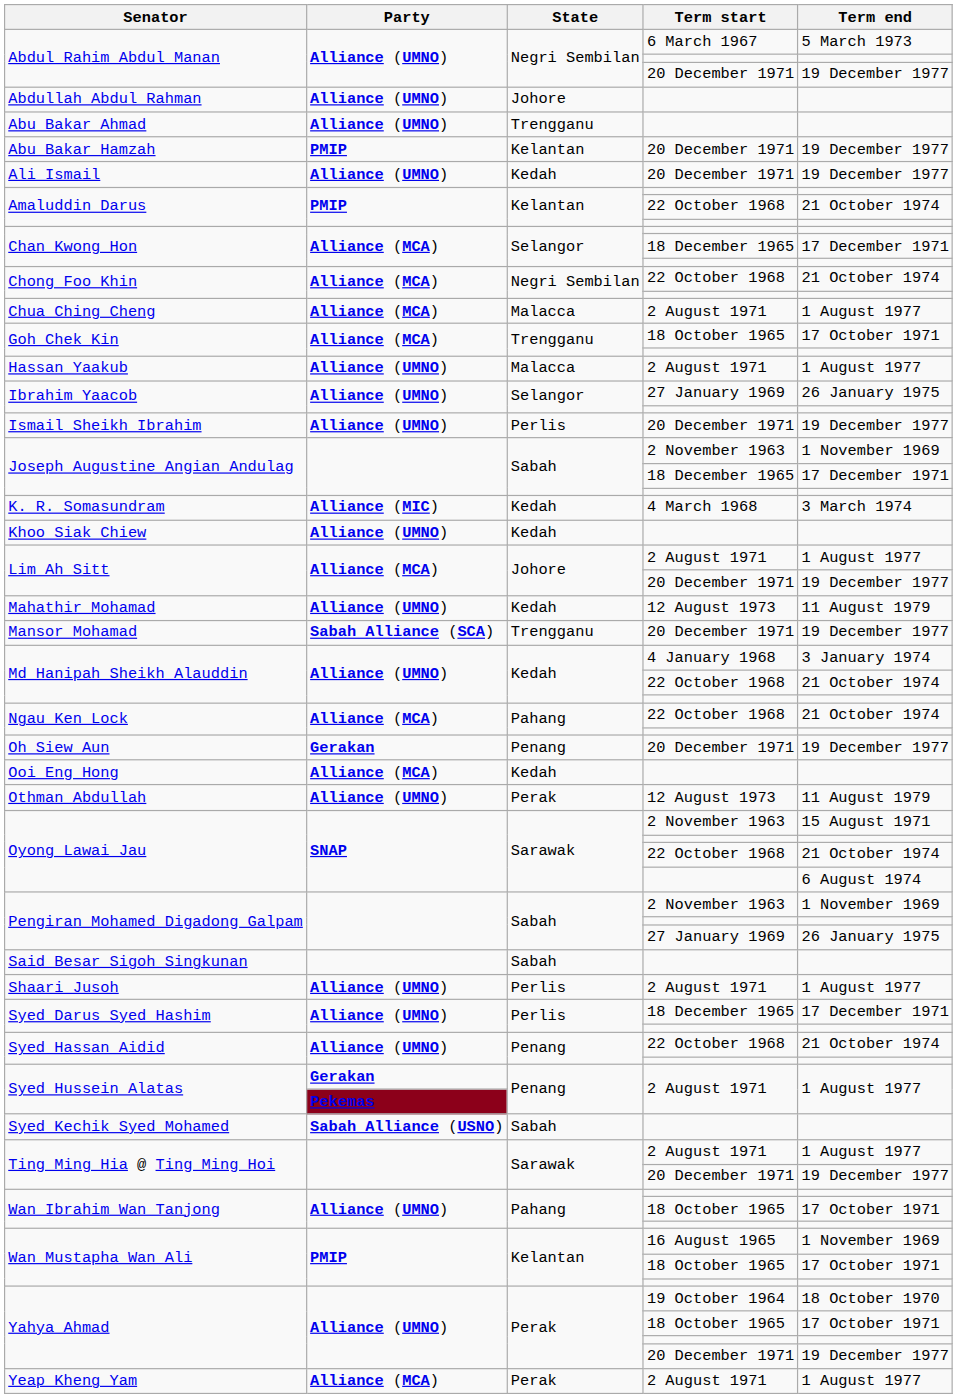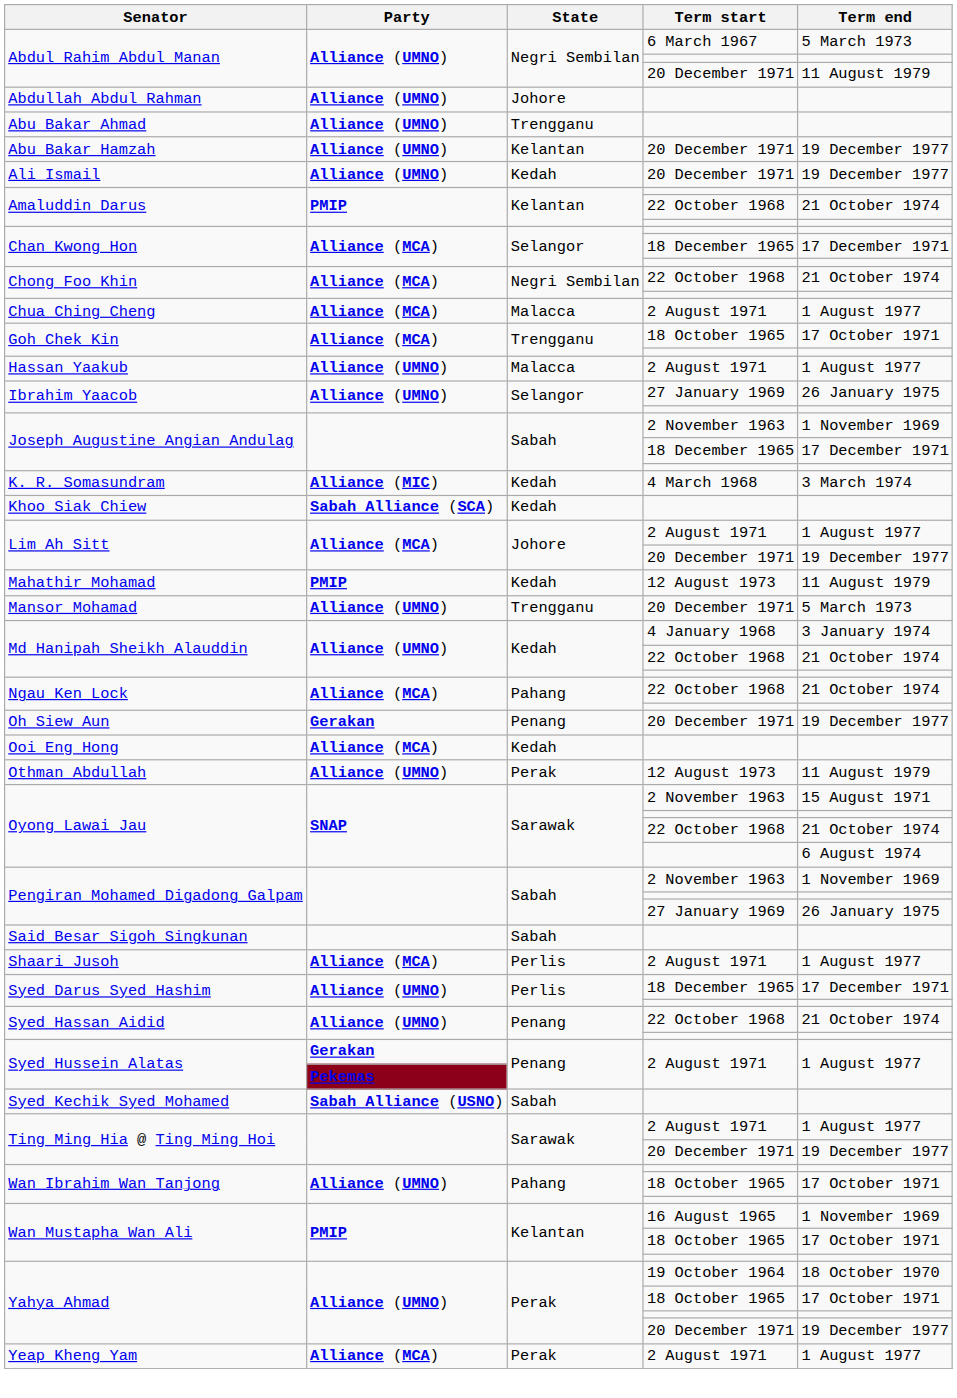 <table class="wikitable sortable">
 <tr>
 <th>Senator</th>
 <th>Party</th>
 <th>State</th>
 <th>Term start</th>
 <th>Term end</th>
 </tr>
 <tr>
 <td rowspan=3><a href='#'>Abdul Rahim Abdul Manan</a></td>
 <td rowspan=3><strong><a href='#'>Alliance</a></strong> (<strong><a href='#'>UMNO</a></strong>)</td>
 <td rowspan=3>Negri Sembilan</td>
 <td>6 March 1967</td>
 <td>5 March 1973</td>
 </tr>
 <tr>
 <td></td>
 <td></td>
 </tr>
 <tr>
 <td>20 December 1971</td>
-<td>19 December 1977</td>
+<td>11 August 1979</td>
 </tr>
 <tr>
 <td><a href='#'>Abdullah Abdul Rahman</a></td>
 <td><strong><a href='#'>Alliance</a></strong> (<strong><a href='#'>UMNO</a></strong>)</td>
 <td>Johore</td>
 <td></td>
 <td></td>
 </tr>
 <tr>
 <td><a href='#'>Abu Bakar Ahmad</a></td>
 <td><strong><a href='#'>Alliance</a></strong> (<strong><a href='#'>UMNO</a></strong>)</td>
 <td>Trengganu</td>
 <td></td>
 <td></td>
 </tr>
 <tr>
 <td><a href='#'>Abu Bakar Hamzah</a></td>
-<td><strong><a href='#'>PMIP</a></strong></td>
+<td><strong><a href='#'>Alliance</a></strong> (<strong><a href='#'>UMNO</a></strong>)</td>
 <td>Kelantan</td>
 <td>20 December 1971</td>
 <td>19 December 1977</td>
 </tr>
 <tr>
 <td><a href='#'>Ali Ismail</a></td>
 <td><strong><a href='#'>Alliance</a></strong> (<strong><a href='#'>UMNO</a></strong>)</td>
 <td>Kedah</td>
 <td>20 December 1971</td>
 <td>19 December 1977</td>
 </tr>
 <tr>
 <td rowspan=3><a href='#'>Amaluddin Darus</a></td>
 <td rowspan=3><strong><a href='#'>PMIP</a></strong></td>
 <td rowspan=3>Kelantan</td>
 <td></td>
 <td></td>
 </tr>
 <tr>
 <td>22 October 1968</td>
 <td>21 October 1974</td>
 </tr>
 <tr>
 <td></td>
 <td></td>
 </tr>
 <tr>
 <td rowspan=3><a href='#'>Chan Kwong Hon</a></td>
 <td rowspan=3><strong><a href='#'>Alliance</a></strong> (<strong><a href='#'>MCA</a></strong>)</td>
 <td rowspan=3>Selangor</td>
 <td></td>
 <td></td>
 </tr>
 <tr>
 <td>18 December 1965</td>
 <td>17 December 1971</td>
 </tr>
 <tr>
 <td></td>
 <td></td>
 </tr>
 <tr>
 <td rowspan=2><a href='#'>Chong Foo Khin</a></td>
 <td rowspan=2><strong><a href='#'>Alliance</a></strong> (<strong><a href='#'>MCA</a></strong>)</td>
 <td rowspan=2>Negri Sembilan</td>
 <td>22 October 1968</td>
 <td>21 October 1974</td>
 </tr>
 <tr>
 <td></td>
 <td></td>
 </tr>
 <tr>
 <td><a href='#'>Chua Ching Cheng</a></td>
 <td><strong><a href='#'>Alliance</a></strong> (<strong><a href='#'>MCA</a></strong>)</td>
 <td>Malacca</td>
 <td>2 August 1971</td>
 <td>1 August 1977</td>
 </tr>
 <tr>
 <td rowspan=2><a href='#'>Goh Chek Kin</a></td>
 <td rowspan=2><strong><a href='#'>Alliance</a></strong> (<strong><a href='#'>MCA</a></strong>)</td>
 <td rowspan=2>Trengganu</td>
 <td>18 October 1965</td>
 <td>17 October 1971</td>
 </tr>
 <tr>
 <td></td>
 <td></td>
 </tr>
 <tr>
 <td><a href='#'>Hassan Yaakub</a></td>
 <td><strong><a href='#'>Alliance</a></strong> (<strong><a href='#'>UMNO</a></strong>)</td>
 <td>Malacca</td>
 <td>2 August 1971</td>
 <td>1 August 1977</td>
 </tr>
 <tr>
 <td rowspan=2><a href='#'>Ibrahim Yaacob</a></td>
 <td rowspan=2><strong><a href='#'>Alliance</a></strong> (<strong><a href='#'>UMNO</a></strong>)</td>
 <td rowspan=2>Selangor</td>
 <td>27 January 1969</td>
 <td>26 January 1975</td>
 </tr>
 <tr>
 <td></td>
 <td></td>
 </tr>
 <tr>
-<td><a href='#'>Ismail Sheikh Ibrahim</a></td>
-<td><strong><a href='#'>Alliance</a></strong> (<strong><a href='#'>UMNO</a></strong>)</td>
-<td>Perlis</td>
-<td>20 December 1971</td>
-<td>19 December 1977</td>
-</tr>
-<tr>
 <td rowspan=3><a href='#'>Joseph Augustine Angian Andulag</a></td>
 <td rowspan=3></td>
 <td rowspan=3>Sabah</td>
 <td>2 November 1963</td>
 <td>1 November 1969</td>
 </tr>
 <tr>
 <td>18 December 1965</td>
 <td>17 December 1971</td>
 </tr>
 <tr>
 <td></td>
 <td></td>
 </tr>
 <tr>
 <td><a href='#'>K. R. Somasundram</a></td>
 <td><strong><a href='#'>Alliance</a></strong> (<strong><a href='#'>MIC</a></strong>)</td>
 <td>Kedah</td>
 <td>4 March 1968</td>
 <td>3 March 1974</td>
 </tr>
 <tr>
 <td><a href='#'>Khoo Siak Chiew</a></td>
-<td><strong><a href='#'>Alliance</a></strong> (<strong><a href='#'>UMNO</a></strong>)</td>
+<td><strong><a href='#'>Sabah Alliance</a></strong> (<strong><a href='#'>SCA</a></strong>)</td>
 <td>Kedah</td>
 <td></td>
 <td></td>
 </tr>
 <tr>
 <td rowspan=2><a href='#'>Lim Ah Sitt</a></td>
 <td rowspan=2><strong><a href='#'>Alliance</a></strong> (<strong><a href='#'>MCA</a></strong>)</td>
 <td rowspan=2>Johore</td>
 <td>2 August 1971</td>
 <td>1 August 1977</td>
 </tr>
 <tr>
 <td>20 December 1971</td>
 <td>19 December 1977</td>
 </tr>
 <tr>
 <td><a href='#'>Mahathir Mohamad</a></td>
-<td><strong><a href='#'>Alliance</a></strong> (<strong><a href='#'>UMNO</a></strong>)</td>
+<td><strong><a href='#'>PMIP</a></strong></td>
 <td>Kedah</td>
 <td>12 August 1973</td>
 <td>11 August 1979</td>
 </tr>
 <tr>
 <td><a href='#'>Mansor Mohamad</a></td>
-<td><strong><a href='#'>Sabah Alliance</a></strong> (<strong><a href='#'>SCA</a></strong>)</td>
+<td><strong><a href='#'>Alliance</a></strong> (<strong><a href='#'>UMNO</a></strong>)</td>
 <td>Trengganu</td>
 <td>20 December 1971</td>
-<td>19 December 1977</td>
+<td>5 March 1973</td>
 </tr>
 <tr>
 <td rowspan=3><a href='#'>Md Hanipah Sheikh Alauddin</a></td>
 <td rowspan=3><strong><a href='#'>Alliance</a></strong> (<strong><a href='#'>UMNO</a></strong>)</td>
 <td rowspan=3>Kedah</td>
 <td>4 January 1968</td>
 <td>3 January 1974</td>
 </tr>
 <tr>
 <td>22 October 1968</td>
 <td>21 October 1974</td>
 </tr>
 <tr>
 <td></td>
 <td></td>
 </tr>
 <tr>
 <td rowspan=2><a href='#'>Ngau Ken Lock</a></td>
 <td rowspan=2><strong><a href='#'>Alliance</a></strong> (<strong><a href='#'>MCA</a></strong>)</td>
 <td rowspan=2>Pahang</td>
 <td>22 October 1968</td>
 <td>21 October 1974</td>
 </tr>
 <tr>
 <td></td>
 <td></td>
 </tr>
 <tr>
 <td><a href='#'>Oh Siew Aun</a></td>
 <td><strong><a href='#'>Gerakan</a></strong></td>
 <td>Penang</td>
 <td>20 December 1971</td>
 <td>19 December 1977</td>
 </tr>
 <tr>
 <td><a href='#'>Ooi Eng Hong</a></td>
 <td><strong><a href='#'>Alliance</a></strong> (<strong><a href='#'>MCA</a></strong>)</td>
 <td>Kedah</td>
 <td></td>
 <td></td>
 </tr>
 <tr>
 <td><a href='#'>Othman Abdullah</a></td>
 <td><strong><a href='#'>Alliance</a></strong> (<strong><a href='#'>UMNO</a></strong>)</td>
 <td>Perak</td>
 <td>12 August 1973</td>
 <td>11 August 1979</td>
 </tr>
 <tr>
 <td rowspan=4><a href='#'>Oyong Lawai Jau</a></td>
 <td rowspan=4><strong><a href='#'>SNAP</a></strong></td>
 <td rowspan=4>Sarawak</td>
 <td>2 November 1963</td>
 <td>15 August 1971</td>
 </tr>
 <tr>
 <td></td>
 <td></td>
 </tr>
 <tr>
 <td>22 October 1968</td>
 <td>21 October 1974</td>
 </tr>
 <tr>
 <td></td>
 <td>6 August 1974</td>
 </tr>
 <tr>
 <td rowspan=3><a href='#'>Pengiran Mohamed Digadong Galpam</a></td>
 <td rowspan=3></td>
 <td rowspan=3>Sabah</td>
 <td>2 November 1963</td>
 <td>1 November 1969</td>
 </tr>
 <tr>
 <td></td>
 <td></td>
 </tr>
 <tr>
 <td>27 January 1969</td>
 <td>26 January 1975</td>
 </tr>
 <tr>
 <td><a href='#'>Said Besar Sigoh Singkunan</a></td>
 <td></td>
 <td>Sabah</td>
 <td></td>
 <td></td>
 </tr>
 <tr>
 <td><a href='#'>Shaari Jusoh</a></td>
-<td><strong><a href='#'>Alliance</a></strong> (<strong><a href='#'>UMNO</a></strong>)</td>
+<td><strong><a href='#'>Alliance</a></strong> (<strong><a href='#'>MCA</a></strong>)</td>
 <td>Perlis</td>
 <td>2 August 1971</td>
 <td>1 August 1977</td>
 </tr>
 <tr>
 <td rowspan=2><a href='#'>Syed Darus Syed Hashim</a></td>
 <td rowspan=2><strong><a href='#'>Alliance</a></strong> (<strong><a href='#'>UMNO</a></strong>)</td>
 <td rowspan=2>Perlis</td>
 <td>18 December 1965</td>
 <td>17 December 1971</td>
 </tr>
 <tr>
 <td></td>
 <td></td>
 </tr>
 <tr>
 <td rowspan=2><a href='#'>Syed Hassan Aidid</a></td>
 <td rowspan=2><strong><a href='#'>Alliance</a></strong> (<strong><a href='#'>UMNO</a></strong>)</td>
 <td rowspan=2>Penang</td>
 <td>22 October 1968</td>
 <td>21 October 1974</td>
 </tr>
 <tr>
 <td></td>
 <td></td>
 </tr>
 <tr>
 <td rowspan="2"><a href='#'>Syed Hussein Alatas</a></td>
 <td><strong><a href='#'>Gerakan</a></strong></td>
 <td rowspan="2">Penang</td>
 <td rowspan="2">2 August 1971</td>
 <td rowspan="2">1 August 1977</td>
 </tr>
 <tr>
 <td bgcolor=#8C001A><strong><a href='#'>Pekemas</a></strong></td>
 </tr>
 <tr>
 <td><a href='#'>Syed Kechik Syed Mohamed</a></td>
 <td><strong><a href='#'>Sabah Alliance</a></strong> (<strong><a href='#'>USNO</a></strong>)</td>
 <td>Sabah</td>
 <td></td>
 <td></td>
 </tr>
 <tr>
 <td rowspan=2><a href='#'>Ting Ming Hia</a> @ <a href='#'>Ting Ming Hoi</a></td>
 <td rowspan=2></td>
 <td rowspan=2>Sarawak</td>
 <td>2 August 1971</td>
 <td>1 August 1977</td>
 </tr>
 <tr>
 <td>20 December 1971</td>
 <td>19 December 1977</td>
 </tr>
 <tr>
 <td rowspan=3><a href='#'>Wan Ibrahim Wan Tanjong</a></td>
 <td rowspan=3><strong><a href='#'>Alliance</a></strong> (<strong><a href='#'>UMNO</a></strong>)</td>
 <td rowspan=3>Pahang</td>
 <td></td>
 <td></td>
 </tr>
 <tr>
 <td>18 October 1965</td>
 <td>17 October 1971</td>
 </tr>
 <tr>
 <td></td>
 <td></td>
 </tr>
 <tr>
 <td rowspan=3><a href='#'>Wan Mustapha Wan Ali</a></td>
 <td rowspan=3><strong><a href='#'>PMIP</a></strong></td>
 <td rowspan=3>Kelantan</td>
 <td>16 August 1965</td>
 <td>1 November 1969</td>
 </tr>
 <tr>
 <td>18 October 1965</td>
 <td>17 October 1971</td>
 </tr>
 <tr>
 <td></td>
 <td></td>
 </tr>
 <tr>
 <td rowspan=4><a href='#'>Yahya Ahmad</a></td>
 <td rowspan=4><strong><a href='#'>Alliance</a></strong> (<strong><a href='#'>UMNO</a></strong>)</td>
 <td rowspan=4>Perak</td>
 <td>19 October 1964</td>
 <td>18 October 1970</td>
 </tr>
 <tr>
 <td>18 October 1965</td>
 <td>17 October 1971</td>
 </tr>
 <tr>
 <td></td>
 <td></td>
 </tr>
 <tr>
 <td>20 December 1971</td>
 <td>19 December 1977</td>
 </tr>
 <tr>
 <td><a href='#'>Yeap Kheng Yam</a></td>
 <td><strong><a href='#'>Alliance</a></strong> (<strong><a href='#'>MCA</a></strong>)</td>
 <td>Perak</td>
 <td>2 August 1971</td>
 <td>1 August 1977</td>
 </tr>
 </table>
